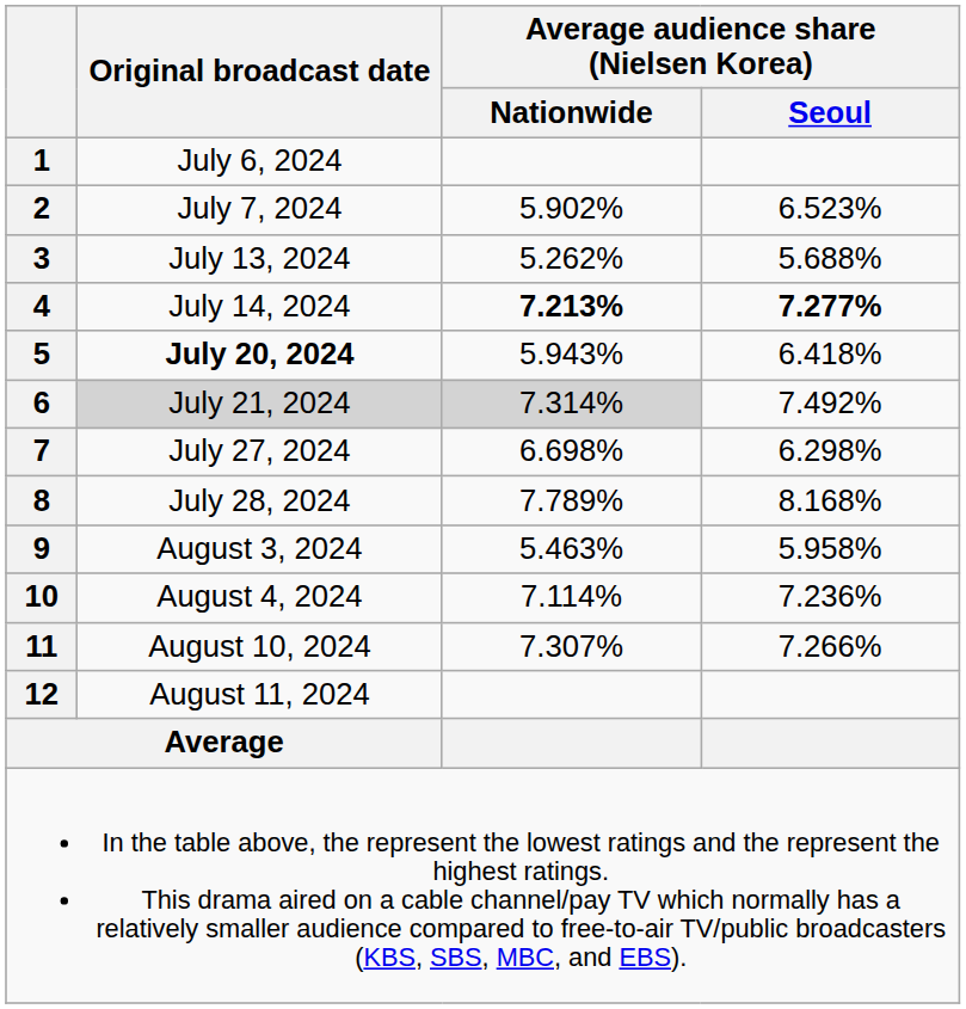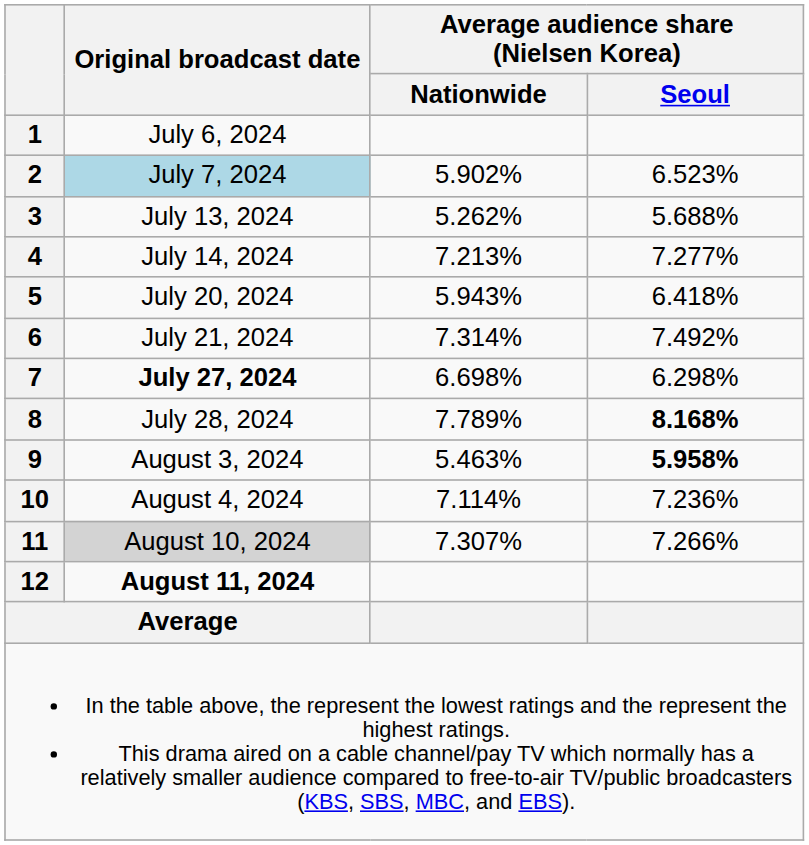 <table class="wikitable" style="margin-left:auto; margin-right:auto; width:500px; text-align:center">
 <tr>
 <th scope="col" rowspan="2"></th>
 <th scope="col" rowspan="2">Original broadcast date</th>
 <th scope="col" colspan="2">Average audience share<br>(Nielsen Korea)</th>
 </tr>
 <tr>
 <th scope="col" style="width:8em">Nationwide</th>
 <th scope="col" style="width:8em"><a href='#'>Seoul</a></th>
 </tr>
 <tr>
 <th scope="col">1</th>
 <td>July 6, 2024</td>
 <td><strong></strong> </td>
 <td><strong></strong> </td>
 </tr>
 <tr>
 <th scope="col">2</th>
-<td>July 7, 2024</td>
+<td style="background: lightblue;">July 7, 2024</td>
 <td>5.902% </td>
 <td>6.523% </td>
 </tr>
 <tr>
 <th scope="col">3</th>
 <td>July 13, 2024</td>
 <td>5.262% </td>
 <td>5.688% </td>
 </tr>
 <tr>
 <th scope="col">4</th>
 <td>July 14, 2024</td>
-<td><strong>7.213% </strong></td>
-<td><strong>7.277% </strong></td>
+<td>7.213% </td>
+<td>7.277% </td>
 </tr>
 <tr>
 <th scope="col">5</th>
-<td><strong>July 20, 2024</strong></td>
+<td>July 20, 2024</td>
 <td>5.943% </td>
 <td>6.418% </td>
 </tr>
 <tr>
 <th scope="col">6</th>
-<td style="background: lightgrey;">July 21, 2024</td>
-<td style="background: lightgrey;">7.314% </td>
+<td>July 21, 2024</td>
+<td>7.314% </td>
 <td>7.492% </td>
 </tr>
 <tr>
 <th scope="col">7</th>
-<td>July 27, 2024</td>
+<td><strong>July 27, 2024</strong></td>
 <td>6.698% </td>
 <td>6.298% </td>
 </tr>
 <tr>
 <th scope="col">8</th>
 <td>July 28, 2024</td>
 <td>7.789% </td>
-<td>8.168% </td>
+<td><strong>8.168% </strong></td>
 </tr>
 <tr>
 <th scope="col">9</th>
 <td>August 3, 2024</td>
 <td>5.463% </td>
-<td>5.958% </td>
+<td><strong>5.958% </strong></td>
 </tr>
 <tr>
 <th scope="col">10</th>
 <td>August 4, 2024</td>
 <td>7.114% </td>
 <td>7.236% </td>
 </tr>
 <tr>
 <th scope="col">11</th>
-<td>August 10, 2024</td>
+<td style="background: lightgrey;">August 10, 2024</td>
 <td>7.307% </td>
 <td>7.266% </td>
 </tr>
 <tr>
 <th scope="col">12</th>
-<td>August 11, 2024</td>
+<td><strong>August 11, 2024</strong></td>
 <td><strong></strong> </td>
 <td><strong></strong> </td>
 </tr>
 <tr>
 <th scope="col" colspan="2">Average</th>
 <th scope="col"></th>
 <th scope="col"></th>
 </tr>
 <tr>
 <td colspan="4" style="font-size:85%"><br><ul><li>In the table above, the <strong></strong> represent the lowest ratings and the <strong></strong> represent the highest ratings.</li><li>This drama aired on a cable channel/pay TV which normally has a relatively smaller audience compared to free-to-air TV/public broadcasters (<a href='#'>KBS</a>, <a href='#'>SBS</a>, <a href='#'>MBC</a>, and <a href='#'>EBS</a>).</li></ul></td>
 </tr>
 </table>
